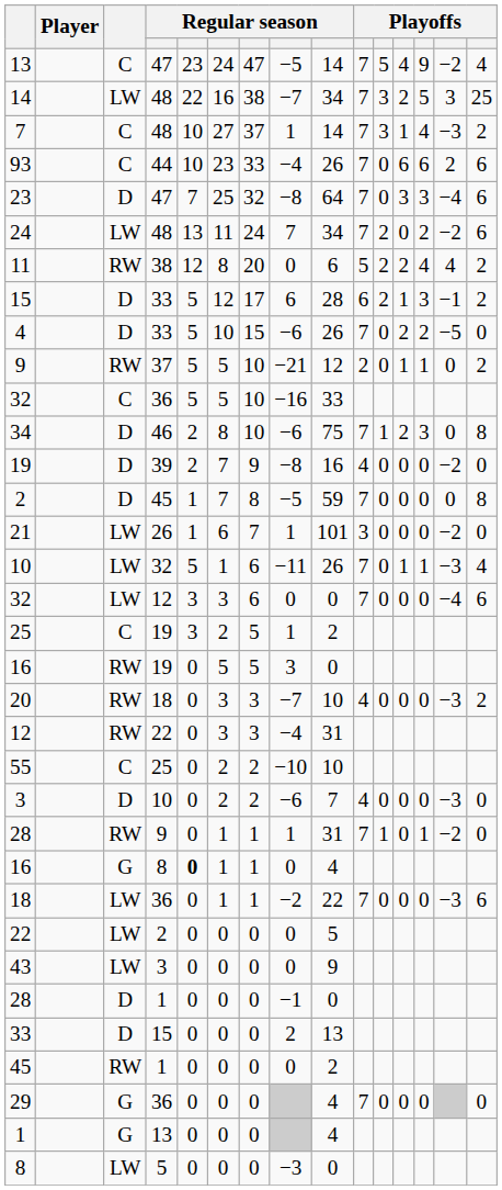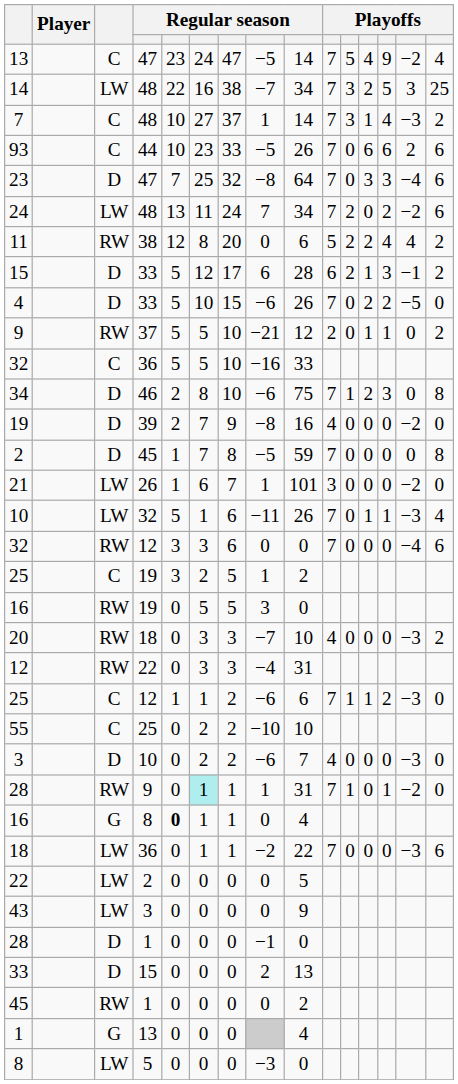 <table class="wikitable sortable plainrowheaders" style="text-align:center;">
 <tr>
 <th scope="col" data-sort-type="number" rowspan="2"></th>
 <th scope="col" rowspan="2">Player</th>
 <th scope="col" rowspan="2"></th>
 <th scope=colgroup colspan=6>Regular season</th>
 <th scope=colgroup colspan=6>Playoffs</th>
 </tr>
 <tr>
 <th scope="col" data-sort-type="number"></th>
 <th scope="col" data-sort-type="number"></th>
 <th scope="col" data-sort-type="number"></th>
 <th scope="col" data-sort-type="number"></th>
 <th scope="col" data-sort-type="number"></th>
 <th scope="col" data-sort-type="number"></th>
 <th scope="col" data-sort-type="number"></th>
 <th scope="col" data-sort-type="number"></th>
 <th scope="col" data-sort-type="number"></th>
 <th scope="col" data-sort-type="number"></th>
 <th scope="col" data-sort-type="number"></th>
 <th scope="col" data-sort-type="number"></th>
 </tr>
 <tr>
 <td scope="row">13</td>
 <td align="left"></td>
 <td>C</td>
 <td>47</td>
 <td>23</td>
 <td>24</td>
 <td>47</td>
 <td>−5</td>
 <td>14</td>
 <td>7</td>
 <td>5</td>
 <td>4</td>
 <td>9</td>
 <td>−2</td>
 <td>4</td>
 </tr>
 <tr>
 <td scope="row">14</td>
 <td align="left"></td>
 <td>LW</td>
 <td>48</td>
 <td>22</td>
 <td>16</td>
 <td>38</td>
 <td>−7</td>
 <td>34</td>
 <td>7</td>
 <td>3</td>
 <td>2</td>
 <td>5</td>
 <td>3</td>
 <td>25</td>
 </tr>
 <tr>
 <td scope="row">7</td>
 <td align="left"></td>
 <td>C</td>
 <td>48</td>
 <td>10</td>
 <td>27</td>
 <td>37</td>
 <td>1</td>
 <td>14</td>
 <td>7</td>
 <td>3</td>
 <td>1</td>
 <td>4</td>
 <td>−3</td>
 <td>2</td>
 </tr>
 <tr>
 <td scope="row">93</td>
 <td align="left"></td>
 <td>C</td>
 <td>44</td>
 <td>10</td>
 <td>23</td>
 <td>33</td>
-<td>−4</td>
+<td>−5</td>
 <td>26</td>
 <td>7</td>
 <td>0</td>
 <td>6</td>
 <td>6</td>
 <td>2</td>
 <td>6</td>
 </tr>
 <tr>
 <td scope="row">23</td>
 <td align="left"></td>
 <td>D</td>
 <td>47</td>
 <td>7</td>
 <td>25</td>
 <td>32</td>
 <td>−8</td>
 <td>64</td>
 <td>7</td>
 <td>0</td>
 <td>3</td>
 <td>3</td>
 <td>−4</td>
 <td>6</td>
 </tr>
 <tr>
 <td scope="row">24</td>
 <td align="left"></td>
 <td>LW</td>
 <td>48</td>
 <td>13</td>
 <td>11</td>
 <td>24</td>
 <td>7</td>
 <td>34</td>
 <td>7</td>
 <td>2</td>
 <td>0</td>
 <td>2</td>
 <td>−2</td>
 <td>6</td>
 </tr>
 <tr>
 <td scope="row">11</td>
 <td align="left"></td>
 <td>RW</td>
 <td>38</td>
 <td>12</td>
 <td>8</td>
 <td>20</td>
 <td>0</td>
 <td>6</td>
 <td>5</td>
 <td>2</td>
 <td>2</td>
 <td>4</td>
 <td>4</td>
 <td>2</td>
 </tr>
 <tr>
 <td scope="row">15</td>
 <td align="left"></td>
 <td>D</td>
 <td>33</td>
 <td>5</td>
 <td>12</td>
 <td>17</td>
 <td>6</td>
 <td>28</td>
 <td>6</td>
 <td>2</td>
 <td>1</td>
 <td>3</td>
 <td>−1</td>
 <td>2</td>
 </tr>
 <tr>
 <td scope="row">4</td>
 <td align="left"></td>
 <td>D</td>
 <td>33</td>
 <td>5</td>
 <td>10</td>
 <td>15</td>
 <td>−6</td>
 <td>26</td>
 <td>7</td>
 <td>0</td>
 <td>2</td>
 <td>2</td>
 <td>−5</td>
 <td>0</td>
 </tr>
 <tr>
 <td scope="row">9</td>
 <td align="left"></td>
 <td>RW</td>
 <td>37</td>
 <td>5</td>
 <td>5</td>
 <td>10</td>
 <td>−21</td>
 <td>12</td>
 <td>2</td>
 <td>0</td>
 <td>1</td>
 <td>1</td>
 <td>0</td>
 <td>2</td>
 </tr>
 <tr>
 <td scope="row">32</td>
 <td align="left"></td>
 <td>C</td>
 <td>36</td>
 <td>5</td>
 <td>5</td>
 <td>10</td>
 <td>−16</td>
 <td>33</td>
 <td></td>
 <td></td>
 <td></td>
 <td></td>
 <td></td>
 <td></td>
 </tr>
 <tr>
 <td scope="row">34</td>
 <td align="left"></td>
 <td>D</td>
 <td>46</td>
 <td>2</td>
 <td>8</td>
 <td>10</td>
 <td>−6</td>
 <td>75</td>
 <td>7</td>
 <td>1</td>
 <td>2</td>
 <td>3</td>
 <td>0</td>
 <td>8</td>
 </tr>
 <tr>
 <td scope="row">19</td>
 <td align="left"></td>
 <td>D</td>
 <td>39</td>
 <td>2</td>
 <td>7</td>
 <td>9</td>
 <td>−8</td>
 <td>16</td>
 <td>4</td>
 <td>0</td>
 <td>0</td>
 <td>0</td>
 <td>−2</td>
 <td>0</td>
 </tr>
 <tr>
 <td scope="row">2</td>
 <td align="left"></td>
 <td>D</td>
 <td>45</td>
 <td>1</td>
 <td>7</td>
 <td>8</td>
 <td>−5</td>
 <td>59</td>
 <td>7</td>
 <td>0</td>
 <td>0</td>
 <td>0</td>
 <td>0</td>
 <td>8</td>
 </tr>
 <tr>
 <td scope="row">21</td>
 <td align="left"></td>
 <td>LW</td>
 <td>26</td>
 <td>1</td>
 <td>6</td>
 <td>7</td>
 <td>1</td>
 <td>101</td>
 <td>3</td>
 <td>0</td>
 <td>0</td>
 <td>0</td>
 <td>−2</td>
 <td>0</td>
 </tr>
 <tr>
 <td scope="row">10</td>
 <td align="left"></td>
 <td>LW</td>
 <td>32</td>
 <td>5</td>
 <td>1</td>
 <td>6</td>
 <td>−11</td>
 <td>26</td>
 <td>7</td>
 <td>0</td>
 <td>1</td>
 <td>1</td>
 <td>−3</td>
 <td>4</td>
 </tr>
 <tr>
 <td scope="row">32</td>
 <td align="left"></td>
-<td>LW</td>
+<td>RW</td>
 <td>12</td>
 <td>3</td>
 <td>3</td>
 <td>6</td>
 <td>0</td>
 <td>0</td>
 <td>7</td>
 <td>0</td>
 <td>0</td>
 <td>0</td>
 <td>−4</td>
 <td>6</td>
 </tr>
 <tr>
 <td scope="row">25</td>
 <td align="left"></td>
 <td>C</td>
 <td>19</td>
 <td>3</td>
 <td>2</td>
 <td>5</td>
 <td>1</td>
 <td>2</td>
 <td></td>
 <td></td>
 <td></td>
 <td></td>
 <td></td>
 <td></td>
 </tr>
 <tr>
 <td scope="row">16</td>
 <td align="left"></td>
 <td>RW</td>
 <td>19</td>
 <td>0</td>
 <td>5</td>
 <td>5</td>
 <td>3</td>
 <td>0</td>
 <td></td>
 <td></td>
 <td></td>
 <td></td>
 <td></td>
 <td></td>
 </tr>
 <tr>
 <td scope="row">20</td>
 <td align="left"></td>
 <td>RW</td>
 <td>18</td>
 <td>0</td>
 <td>3</td>
 <td>3</td>
 <td>−7</td>
 <td>10</td>
 <td>4</td>
 <td>0</td>
 <td>0</td>
 <td>0</td>
 <td>−3</td>
 <td>2</td>
 </tr>
 <tr>
 <td scope="row">12</td>
 <td align="left"></td>
 <td>RW</td>
 <td>22</td>
 <td>0</td>
 <td>3</td>
 <td>3</td>
 <td>−4</td>
 <td>31</td>
 <td></td>
 <td></td>
 <td></td>
 <td></td>
 <td></td>
 <td></td>
 </tr>
 <tr>
+<td scope="row">25</td>
+<td align="left"></td>
+<td>C</td>
+<td>12</td>
+<td>1</td>
+<td>1</td>
+<td>2</td>
+<td>−6</td>
+<td>6</td>
+<td>7</td>
+<td>1</td>
+<td>1</td>
+<td>2</td>
+<td>−3</td>
+<td>0</td>
+</tr>
+<tr>
 <td scope="row">55</td>
 <td align="left"></td>
 <td>C</td>
 <td>25</td>
 <td>0</td>
 <td>2</td>
 <td>2</td>
 <td>−10</td>
 <td>10</td>
 <td></td>
 <td></td>
 <td></td>
 <td></td>
 <td></td>
 <td></td>
 </tr>
 <tr>
 <td scope="row">3</td>
 <td align="left"></td>
 <td>D</td>
 <td>10</td>
 <td>0</td>
 <td>2</td>
 <td>2</td>
 <td>−6</td>
 <td>7</td>
 <td>4</td>
 <td>0</td>
 <td>0</td>
 <td>0</td>
 <td>−3</td>
 <td>0</td>
 </tr>
 <tr>
 <td scope="row">28</td>
 <td align="left"></td>
 <td>RW</td>
 <td>9</td>
 <td>0</td>
-<td>1</td>
+<td style="background: paleturquoise;">1</td>
 <td>1</td>
 <td>1</td>
 <td>31</td>
 <td>7</td>
 <td>1</td>
 <td>0</td>
 <td>1</td>
 <td>−2</td>
 <td>0</td>
 </tr>
 <tr>
 <td scope="row">16</td>
 <td align="left"></td>
 <td>G</td>
 <td>8</td>
 <td><strong>0</strong></td>
 <td>1</td>
 <td>1</td>
 <td>0</td>
 <td>4</td>
 <td></td>
 <td></td>
 <td></td>
 <td></td>
 <td></td>
 <td></td>
 </tr>
 <tr>
 <td scope="row">18</td>
 <td align="left"></td>
 <td>LW</td>
 <td>36</td>
 <td>0</td>
 <td>1</td>
 <td>1</td>
 <td>−2</td>
 <td>22</td>
 <td>7</td>
 <td>0</td>
 <td>0</td>
 <td>0</td>
 <td>−3</td>
 <td>6</td>
 </tr>
 <tr>
 <td scope="row">22</td>
 <td align="left"></td>
 <td>LW</td>
 <td>2</td>
 <td>0</td>
 <td>0</td>
 <td>0</td>
 <td>0</td>
 <td>5</td>
 <td></td>
 <td></td>
 <td></td>
 <td></td>
 <td></td>
 <td></td>
 </tr>
 <tr>
 <td scope="row">43</td>
 <td align="left"></td>
 <td>LW</td>
 <td>3</td>
 <td>0</td>
 <td>0</td>
 <td>0</td>
 <td>0</td>
 <td>9</td>
 <td></td>
 <td></td>
 <td></td>
 <td></td>
 <td></td>
 <td></td>
 </tr>
 <tr>
 <td scope="row">28</td>
 <td align="left"></td>
 <td>D</td>
 <td>1</td>
 <td>0</td>
 <td>0</td>
 <td>0</td>
 <td>−1</td>
 <td>0</td>
 <td></td>
 <td></td>
 <td></td>
 <td></td>
 <td></td>
 <td></td>
 </tr>
 <tr>
 <td scope="row">33</td>
 <td align="left"></td>
 <td>D</td>
 <td>15</td>
 <td>0</td>
 <td>0</td>
 <td>0</td>
 <td>2</td>
 <td>13</td>
 <td></td>
 <td></td>
 <td></td>
 <td></td>
 <td></td>
 <td></td>
 </tr>
 <tr>
 <td scope="row">45</td>
 <td align="left"></td>
 <td>RW</td>
 <td>1</td>
 <td>0</td>
 <td>0</td>
 <td>0</td>
 <td>0</td>
 <td>2</td>
 <td></td>
 <td></td>
 <td></td>
 <td></td>
 <td></td>
 <td></td>
 </tr>
 <tr>
-<td scope="row">29</td>
-<td align="left"></td>
-<td>G</td>
-<td>36</td>
-<td>0</td>
-<td>0</td>
-<td>0</td>
-<td style="background:#ccc"></td>
-<td>4</td>
-<td>7</td>
-<td>0</td>
-<td>0</td>
-<td>0</td>
-<td style="background:#ccc"></td>
-<td>0</td>
-</tr>
-<tr>
 <td scope="row">1</td>
 <td align="left"></td>
 <td>G</td>
 <td>13</td>
 <td>0</td>
 <td>0</td>
 <td>0</td>
 <td style="background:#ccc"></td>
 <td>4</td>
 <td></td>
 <td></td>
 <td></td>
 <td></td>
 <td></td>
 <td></td>
 </tr>
 <tr>
 <td scope="row">8</td>
 <td align="left"></td>
 <td>LW</td>
 <td>5</td>
 <td>0</td>
 <td>0</td>
 <td>0</td>
 <td>−3</td>
 <td>0</td>
 <td></td>
 <td></td>
 <td></td>
 <td></td>
 <td></td>
 <td></td>
 </tr>
 </table>
